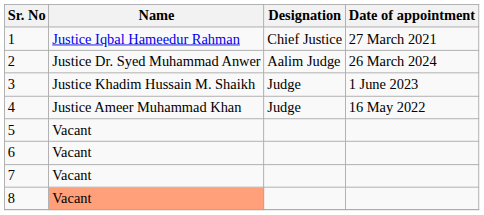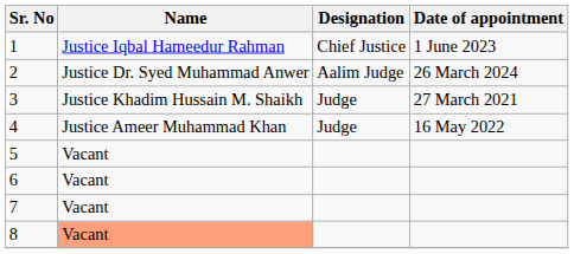 <table class="wikitable">
 <tr>
 <th>Sr. No</th>
 <th>Name</th>
 <th>Designation</th>
 <th>Date of appointment</th>
 </tr>
 <tr>
 <td>1</td>
 <td><a href='#'>Justice Iqbal Hameedur Rahman</a></td>
 <td>Chief Justice</td>
-<td>27 March 2021</td>
+<td>1 June 2023  </td>
 </tr>
 <tr>
 <td>2</td>
 <td>Justice Dr. Syed Muhammad Anwer</td>
 <td>Aalim Judge</td>
 <td>26 March 2024</td>
 </tr>
 <tr>
 <td>3</td>
 <td>Justice Khadim Hussain M. Shaikh</td>
 <td>Judge</td>
-<td>1 June 2023  </td>
+<td>27 March 2021</td>
 </tr>
 <tr>
 <td>4</td>
 <td>Justice Ameer Muhammad Khan</td>
 <td>Judge</td>
 <td>16 May 2022</td>
 </tr>
 <tr>
 <td>5</td>
 <td>Vacant</td>
 <td></td>
 <td></td>
 </tr>
 <tr>
 <td>6</td>
 <td>Vacant</td>
 <td></td>
 <td></td>
 </tr>
 <tr>
 <td>7</td>
 <td>Vacant</td>
 <td></td>
 <td></td>
 </tr>
 <tr>
 <td>8</td>
 <td style="background: lightsalmon;">Vacant</td>
 <td></td>
 <td></td>
 </tr>
 <tr>
 </tr>
 </table>
